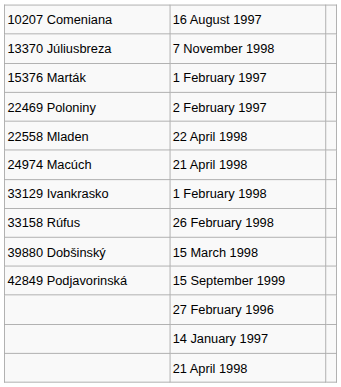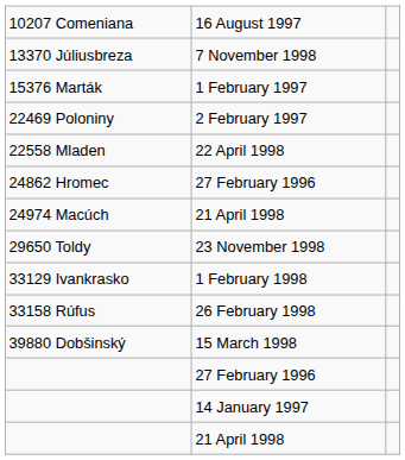 <table class="wikitable" style="font-size: 89%; float: left; width: 26em; margin-right: 1em; height: 420px;">
 <tr>
 <td>10207 Comeniana</td>
 <td>16 August 1997</td>
 <td> </td>
 </tr>
 <tr>
 <td>13370 Júliusbreza</td>
 <td>7 November 1998</td>
 <td> </td>
 </tr>
 <tr>
 <td>15376 Marták</td>
 <td>1 February 1997</td>
 <td> </td>
 </tr>
 <tr>
 <td>22469 Poloniny</td>
 <td>2 February 1997</td>
 <td> </td>
 </tr>
 <tr>
 <td>22558 Mladen</td>
 <td>22 April 1998</td>
 <td> </td>
 </tr>
 <tr>
+<td>24862 Hromec</td>
+<td>27 February 1996</td>
+<td> </td>
+</tr>
+<tr>
 <td>24974 Macúch</td>
 <td>21 April 1998</td>
+<td> </td>
+</tr>
+<tr>
+<td>29650 Toldy</td>
+<td>23 November 1998</td>
 <td> </td>
 </tr>
 <tr>
 <td>33129 Ivankrasko</td>
 <td>1 February 1998</td>
 <td> </td>
 </tr>
 <tr>
 <td>33158 Rúfus</td>
 <td>26 February 1998</td>
 <td> </td>
 </tr>
 <tr>
 <td>39880 Dobšinský</td>
 <td>15 March 1998</td>
 <td> </td>
 </tr>
 <tr>
-<td>42849 Podjavorinská</td>
-<td>15 September 1999</td>
-<td> </td>
-</tr>
-<tr>
 <td></td>
 <td>27 February 1996</td>
 <td> </td>
 </tr>
 <tr>
 <td></td>
 <td>14 January 1997</td>
 <td> </td>
 </tr>
 <tr>
 <td></td>
 <td>21 April 1998</td>
 <td> </td>
 </tr>
 </table>
